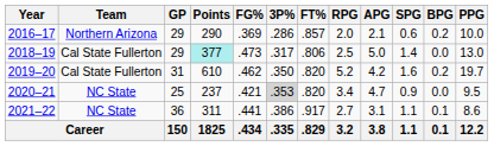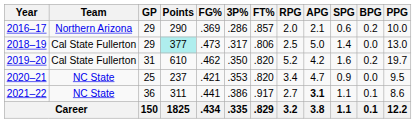 <table class="wikitable"; style="text-align:center";>
 <tr>
 <th>Year</th>
 <th>Team</th>
 <th>GP</th>
 <th>Points</th>
 <th>FG%</th>
 <th>3P%</th>
 <th>FT%</th>
 <th>RPG</th>
 <th>APG</th>
 <th>SPG</th>
 <th>BPG</th>
 <th>PPG</th>
 </tr>
 <tr>
 <td><a href='#'>2016–17</a></td>
 <td><a href='#'>Northern Arizona</a></td>
 <td>29</td>
 <td>290</td>
 <td>.369</td>
 <td>.286</td>
 <td>.857</td>
 <td>2.0</td>
 <td>2.1</td>
 <td>0.6</td>
 <td>0.2</td>
 <td>10.0</td>
 </tr>
 <tr>
 <td><a href='#'>2018–19</a></td>
 <td>Cal State Fullerton</td>
 <td>29</td>
 <td style="background: paleturquoise;">377</td>
 <td>.473</td>
 <td>.317</td>
 <td>.806</td>
 <td>2.5</td>
 <td>5.0</td>
 <td>1.4</td>
 <td>0.0</td>
 <td>13.0</td>
 </tr>
 <tr>
 <td><a href='#'>2019–20</a></td>
 <td>Cal State Fullerton</td>
 <td>31</td>
 <td>610</td>
 <td>.462</td>
 <td>.350</td>
 <td>.820</td>
 <td>5.2</td>
 <td>4.2</td>
 <td>1.6</td>
 <td>0.2</td>
 <td>19.7</td>
 </tr>
 <tr>
 <td><a href='#'>2020–21</a></td>
 <td><a href='#'>NC State</a></td>
 <td>25</td>
 <td>237</td>
 <td>.421</td>
-<td style="background: lightgrey;">.353</td>
+<td>.353</td>
 <td>.820</td>
 <td>3.4</td>
 <td>4.7</td>
 <td>0.9</td>
 <td>0.0</td>
 <td>9.5</td>
 </tr>
 <tr>
 <td><a href='#'>2021–22</a></td>
 <td><a href='#'>NC State</a></td>
 <td>36</td>
 <td>311</td>
 <td>.441</td>
 <td>.386</td>
 <td>.917</td>
 <td>2.7</td>
-<td>3.1</td>
+<td><strong>3.1</strong></td>
 <td>1.1</td>
 <td>0.1</td>
 <td>8.6</td>
 </tr>
 <tr>
 <th colspan=2; align=center>Career</th>
 <th>150</th>
 <th>1825</th>
 <th>.434</th>
 <th>.335</th>
 <th>.829</th>
 <th>3.2</th>
 <th>3.8</th>
 <th>1.1</th>
 <th>0.1</th>
 <th>12.2</th>
 </tr>
 </table>
